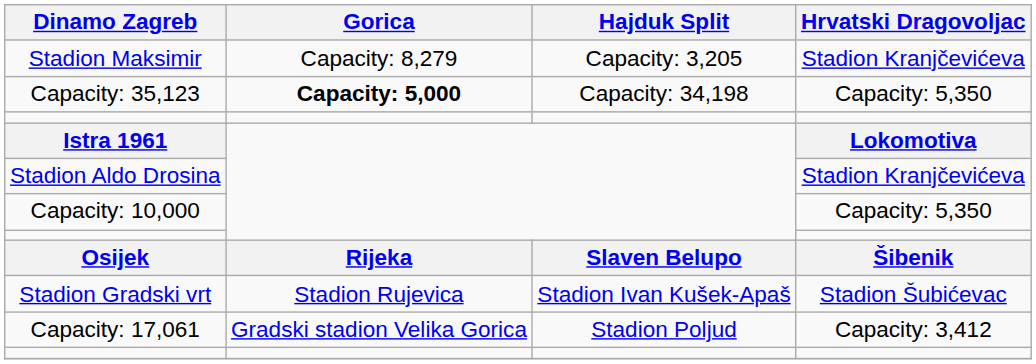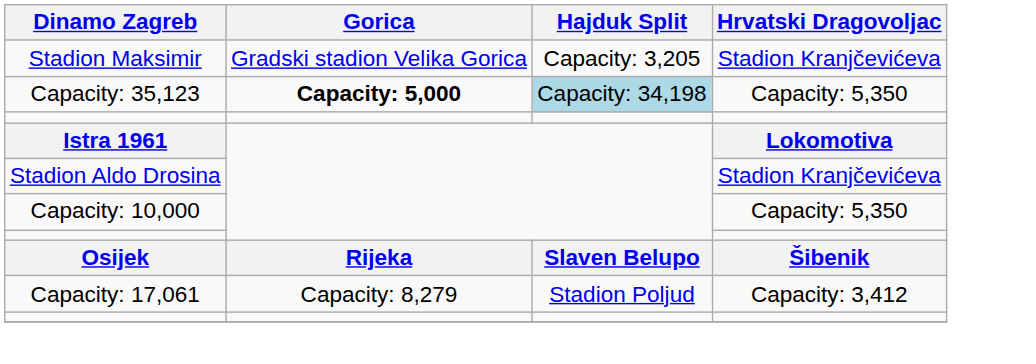 <table class="wikitable" style="text-align:center;">
 <tr>
 <th><a href='#'>Dinamo Zagreb</a></th>
 <th><a href='#'>Gorica</a></th>
 <th><a href='#'>Hajduk Split</a></th>
 <th><a href='#'>Hrvatski Dragovoljac</a></th>
 </tr>
 <tr>
 <td><a href='#'>Stadion Maksimir</a></td>
-<td>Capacity: 8,279</td>
+<td><a href='#'>Gradski stadion Velika Gorica</a></td>
 <td>Capacity: 3,205</td>
 <td><a href='#'>Stadion Kranjčevićeva</a></td>
 </tr>
 <tr>
 <td>Capacity: 35,123</td>
 <td><strong>Capacity: 5,000</strong></td>
-<td>Capacity: 34,198</td>
+<td style="background: lightblue;">Capacity: 34,198</td>
 <td>Capacity: 5,350</td>
 </tr>
 <tr>
 <td></td>
 <td></td>
 <td></td>
 <td></td>
 </tr>
 <tr>
 <th><a href='#'>Istra 1961</a></th>
 <td colspan="2" rowspan="4"><br> </td>
 <th><a href='#'>Lokomotiva</a></th>
 </tr>
 <tr>
 <td><a href='#'>Stadion Aldo Drosina</a></td>
 <td><a href='#'>Stadion Kranjčevićeva</a></td>
 </tr>
 <tr>
 <td>Capacity: 10,000</td>
 <td>Capacity: 5,350</td>
 </tr>
 <tr>
 <td></td>
 <td></td>
 </tr>
 <tr>
 <th><a href='#'>Osijek</a></th>
 <th><a href='#'>Rijeka</a></th>
 <th><a href='#'>Slaven Belupo</a></th>
 <th><a href='#'>Šibenik</a></th>
 </tr>
 <tr>
-<td><a href='#'>Stadion Gradski vrt</a></td>
-<td><a href='#'>Stadion Rujevica</a></td>
-<td><a href='#'>Stadion Ivan Kušek-Apaš</a></td>
-<td><a href='#'>Stadion Šubićevac</a></td>
-</tr>
-<tr>
 <td>Capacity: 17,061</td>
-<td><a href='#'>Gradski stadion Velika Gorica</a></td>
+<td>Capacity: 8,279</td>
 <td><a href='#'>Stadion Poljud</a></td>
 <td>Capacity: 3,412</td>
 </tr>
 <tr>
 <td></td>
 <td></td>
 <td></td>
 <td></td>
 </tr>
 <tr>
 </tr>
 </table>
